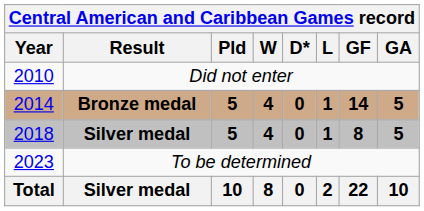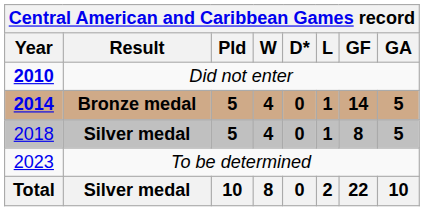 <table class="wikitable" style="text-align: center;">
 <tr>
 <th colspan=8><a href='#'>Central American and Caribbean Games</a> record</th>
 </tr>
 <tr>
 <th>Year</th>
 <th>Result</th>
 <th>Pld</th>
 <th>W</th>
 <th>D*</th>
 <th>L</th>
 <th>GF</th>
 <th>GA</th>
 </tr>
 <tr>
-<td> <a href='#'>2010</a></td>
+<td><strong> <a href='#'>2010</a></strong></td>
 <td colspan=8><em>Did not enter</em></td>
 </tr>
 <tr bgcolor=#cfaa88>
-<td> <a href='#'>2014</a></td>
+<td><strong> <a href='#'>2014</a></strong></td>
 <td><strong>Bronze medal</strong></td>
 <td><strong>5</strong></td>
 <td><strong>4</strong></td>
 <td><strong>0</strong></td>
 <td><strong>1</strong></td>
 <td><strong>14</strong></td>
 <td><strong>5</strong></td>
 </tr>
 <tr bgcolor=silver>
 <td> <a href='#'>2018</a></td>
 <td><strong>Silver medal</strong></td>
 <td><strong>5</strong></td>
 <td><strong>4</strong></td>
 <td><strong>0</strong></td>
 <td><strong>1</strong></td>
 <td><strong>8</strong></td>
 <td><strong>5</strong></td>
 </tr>
 <tr>
 <td> <a href='#'>2023</a></td>
 <td colspan=8><em>To be determined</em></td>
 </tr>
 <tr>
 <th>Total</th>
 <th>Silver medal</th>
 <th>10</th>
 <th>8</th>
 <th>0</th>
 <th>2</th>
 <th>22</th>
 <th>10</th>
 </tr>
 </table>
